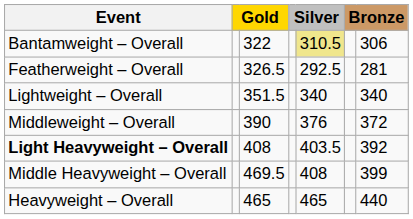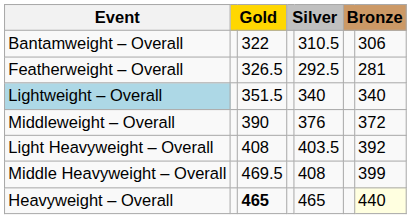 <table class="wikitable">
 <tr>
 <th scope="col">Event</th>
 <th style="background-color:gold; "scope="colgroup" colspan="2">Gold</th>
 <th style="background-color:silver;" scope="colgroup" colspan="2">Silver</th>
 <th style="background-color:#cc9966;" scope="colgroup" colspan="2">Bronze</th>
 </tr>
 <tr>
 <td>Bantamweight – Overall</td>
 <td></td>
 <td>322</td>
 <td></td>
-<td style="background: khaki;">310.5</td>
+<td>310.5</td>
 <td></td>
 <td>306</td>
 </tr>
 <tr>
 <td>Featherweight – Overall</td>
 <td></td>
 <td>326.5</td>
 <td></td>
 <td>292.5</td>
 <td></td>
 <td>281</td>
 </tr>
 <tr>
-<td>Lightweight – Overall</td>
+<td style="background: lightblue;">Lightweight – Overall</td>
 <td></td>
 <td>351.5</td>
 <td></td>
 <td>340</td>
 <td></td>
 <td>340</td>
 </tr>
 <tr>
 <td>Middleweight – Overall</td>
 <td></td>
 <td>390</td>
 <td></td>
 <td>376</td>
 <td></td>
 <td>372</td>
 </tr>
 <tr>
-<td><strong>Light Heavyweight – Overall</strong></td>
+<td>Light Heavyweight – Overall</td>
 <td></td>
 <td>408</td>
 <td></td>
 <td>403.5</td>
 <td></td>
 <td>392</td>
 </tr>
 <tr>
 <td>Middle Heavyweight – Overall</td>
 <td></td>
 <td>469.5</td>
 <td></td>
 <td>408</td>
 <td></td>
 <td>399</td>
 </tr>
 <tr>
 <td>Heavyweight – Overall</td>
 <td></td>
-<td>465</td>
+<td><strong>465</strong></td>
 <td></td>
 <td>465</td>
 <td></td>
-<td>440</td>
+<td style="background: lightyellow;">440</td>
 </tr>
 </table>
